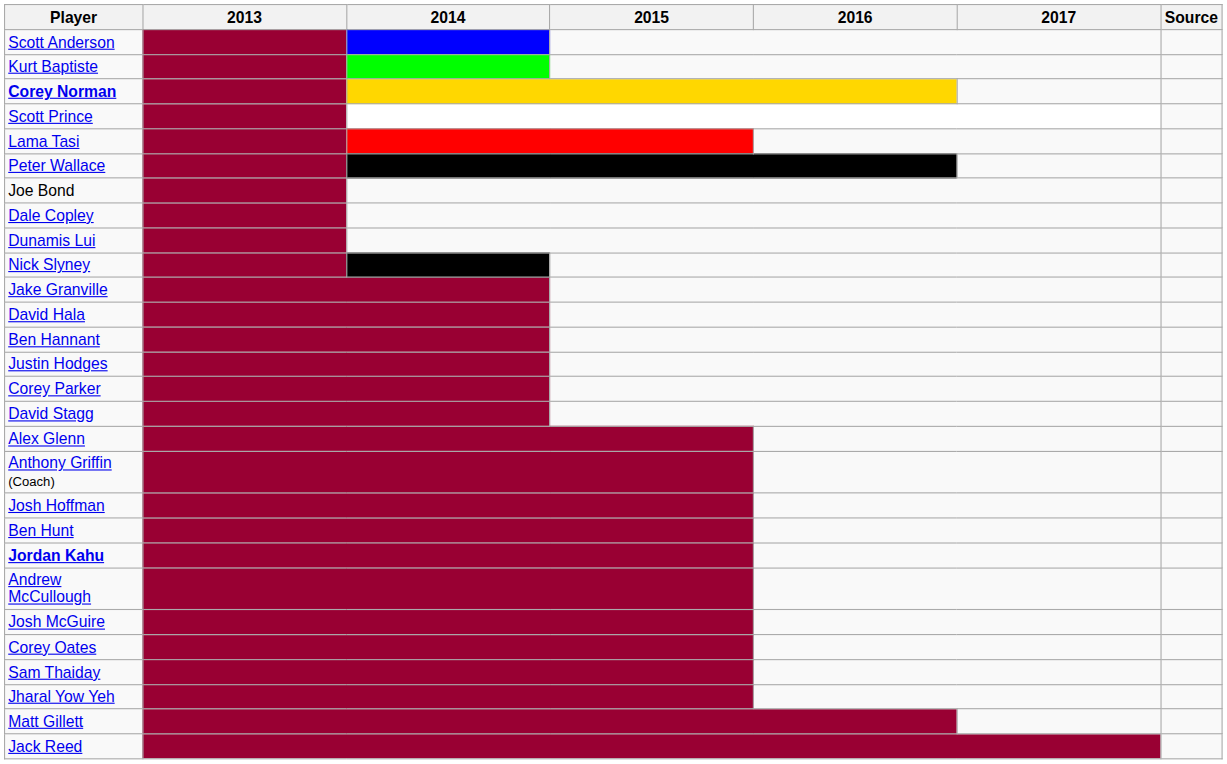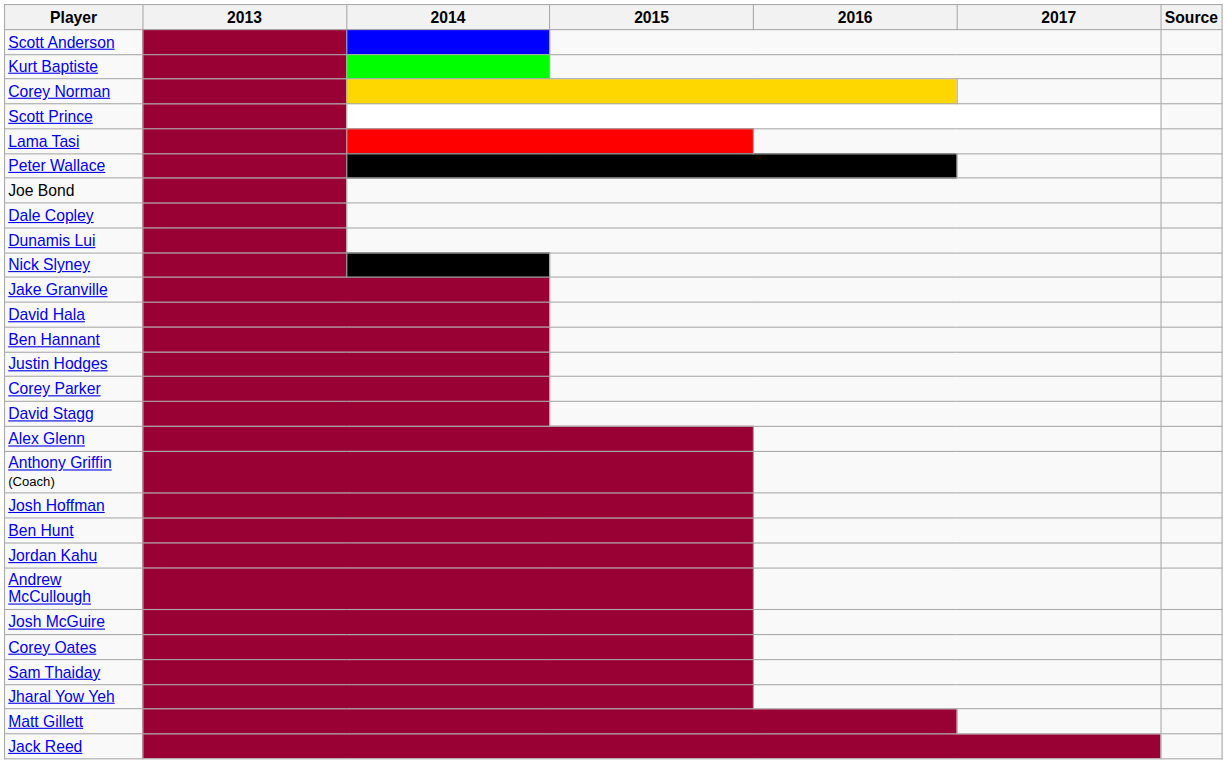 <table class="wikitable" style="font-size:90%">
 <tr>
 <th width="120">Player</th>
 <th width="180">2013</th>
 <th width="180">2014</th>
 <th width="180">2015</th>
 <th width="180">2016</th>
 <th width="180">2017</th>
 <th width="50">Source</th>
 </tr>
 <tr>
 <td><a href='#'>Scott Anderson</a></td>
 <td colspan="1" style="background-color:#990033;"></td>
 <td colspan="1" style="background-color:blue;"></td>
 <td colspan="3"></td>
 <td></td>
 </tr>
 <tr>
 <td><a href='#'>Kurt Baptiste</a></td>
 <td colspan="1" style="background-color:#990033;"></td>
 <td colspan="1" style="background-color:lime;"></td>
 <td colspan="3"></td>
 <td></td>
 </tr>
 <tr>
-<td><strong><a href='#'>Corey Norman</a></strong></td>
+<td><a href='#'>Corey Norman</a></td>
 <td colspan="1" style="background-color:#990033;"></td>
 <td colspan="3" style="background-color:gold;"></td>
 <td colspan="1"></td>
 <td></td>
 </tr>
 <tr>
 <td><a href='#'>Scott Prince</a></td>
 <td colspan="1" style="background-color:#990033;"></td>
 <td colspan="4" style="background-color:white;"></td>
 <td></td>
 </tr>
 <tr>
 <td><a href='#'>Lama Tasi</a></td>
 <td colspan="1" style="background-color:#990033;"></td>
 <td colspan="2" style="background-color:Red;"></td>
 <td colspan="2"></td>
 <td></td>
 </tr>
 <tr>
 <td><a href='#'>Peter Wallace</a></td>
 <td colspan="1" style="background-color:#990033;"></td>
 <td colspan="3" style="background-color:black;"></td>
 <td colspan="1"></td>
 <td></td>
 </tr>
 <tr>
 <td>Joe Bond</td>
 <td colspan="1" style="background-color:#990033;"></td>
 <td colspan="4"></td>
 <td></td>
 </tr>
 <tr>
 <td><a href='#'>Dale Copley</a></td>
 <td colspan="1" style="background-color:#990033;"></td>
 <td colspan="4"></td>
 <td></td>
 </tr>
 <tr>
 <td><a href='#'>Dunamis Lui</a></td>
 <td colspan="1" style="background-color:#990033;"></td>
 <td colspan="4"></td>
 <td></td>
 </tr>
 <tr>
 <td><a href='#'>Nick Slyney</a></td>
 <td colspan="1" style="background-color:#990033;"></td>
 <td colspan="1" style="background-color:black;"></td>
 <td colspan="3"></td>
 <td></td>
 </tr>
 <tr>
 <td><a href='#'>Jake Granville</a></td>
 <td colspan="2" style="background-color:#990033;"></td>
 <td colspan="3"></td>
 <td></td>
 </tr>
 <tr>
 <td><a href='#'>David Hala</a></td>
 <td colspan="2" style="background-color:#990033;"></td>
 <td colspan="3"></td>
 <td></td>
 </tr>
 <tr>
 <td><a href='#'>Ben Hannant</a></td>
 <td colspan="2" style="background-color:#990033;"></td>
 <td colspan="3"></td>
 <td></td>
 </tr>
 <tr>
 <td><a href='#'>Justin Hodges</a></td>
 <td colspan="2" style="background-color:#990033;"></td>
 <td colspan="3"></td>
 <td></td>
 </tr>
 <tr>
 <td><a href='#'>Corey Parker</a></td>
 <td colspan="2" style="background-color:#990033;"></td>
 <td colspan="3"></td>
 <td></td>
 </tr>
 <tr>
 <td><a href='#'>David Stagg</a></td>
 <td colspan="2" style="background-color:#990033;"></td>
 <td colspan="3"></td>
 <td></td>
 </tr>
 <tr>
 <td><a href='#'>Alex Glenn</a></td>
 <td colspan="3" style="background-color:#990033;"></td>
 <td colspan="2"></td>
 <td></td>
 </tr>
 <tr>
 <td><a href='#'>Anthony Griffin</a> <small>(Coach)</small></td>
 <td colspan="3" style="background-color:#990033;"></td>
 <td colspan="2"></td>
 <td></td>
 </tr>
 <tr>
 <td><a href='#'>Josh Hoffman</a></td>
 <td colspan="3" style="background-color:#990033;"></td>
 <td colspan="2"></td>
 <td></td>
 </tr>
 <tr>
 <td><a href='#'>Ben Hunt</a></td>
 <td colspan="3" style="background-color:#990033;"></td>
 <td colspan="2"></td>
 <td></td>
 </tr>
 <tr>
-<td><strong><a href='#'>Jordan Kahu</a></strong></td>
+<td><a href='#'>Jordan Kahu</a></td>
 <td colspan="3" style="background-color:#990033;"></td>
 <td colspan="2"></td>
 <td></td>
 </tr>
 <tr>
 <td><a href='#'>Andrew McCullough</a></td>
 <td colspan="3" style="background-color:#990033;"></td>
 <td colspan="2"></td>
 <td></td>
 </tr>
 <tr>
 <td><a href='#'>Josh McGuire</a></td>
 <td colspan="3" style="background-color:#990033;"></td>
 <td colspan="2"></td>
 <td></td>
 </tr>
 <tr>
 <td><a href='#'>Corey Oates</a></td>
 <td colspan="3" style="background-color:#990033;"></td>
 <td colspan="2"></td>
 <td></td>
 </tr>
 <tr>
 <td><a href='#'>Sam Thaiday</a></td>
 <td colspan="3" style="background-color:#990033;"></td>
 <td colspan="2"></td>
 <td></td>
 </tr>
 <tr>
 <td><a href='#'>Jharal Yow Yeh</a></td>
 <td colspan="3" style="background-color:#990033;"></td>
 <td colspan="2"></td>
 <td></td>
 </tr>
 <tr>
 <td><a href='#'>Matt Gillett</a></td>
 <td colspan="4" style="background-color:#990033;"></td>
 <td colspan="1"></td>
 <td></td>
 </tr>
 <tr>
 <td><a href='#'>Jack Reed</a></td>
 <td colspan="5" style="background-color:#990033;"></td>
 <td></td>
 </tr>
 </table>
